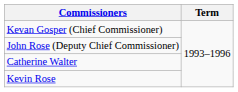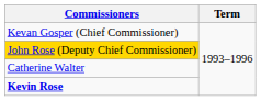 <table class="wikitable">
 <tr>
 <th><a href='#'>Commissioners</a></th>
 <th>Term</th>
 </tr>
 <tr>
 <td><a href='#'>Kevan Gosper</a>  (Chief Commissioner)</td>
 <td rowspan=4>1993–1996</td>
 </tr>
 <tr>
-<td><a href='#'>John Rose</a> (Deputy Chief Commissioner)</td>
+<td style="background: gold;"><a href='#'>John Rose</a> (Deputy Chief Commissioner)</td>
 </tr>
 <tr>
 <td><a href='#'>Catherine Walter</a></td>
 </tr>
 <tr>
-<td><a href='#'>Kevin Rose</a></td>
+<td><strong><a href='#'>Kevin Rose</a></strong></td>
 </tr>
 </table>
